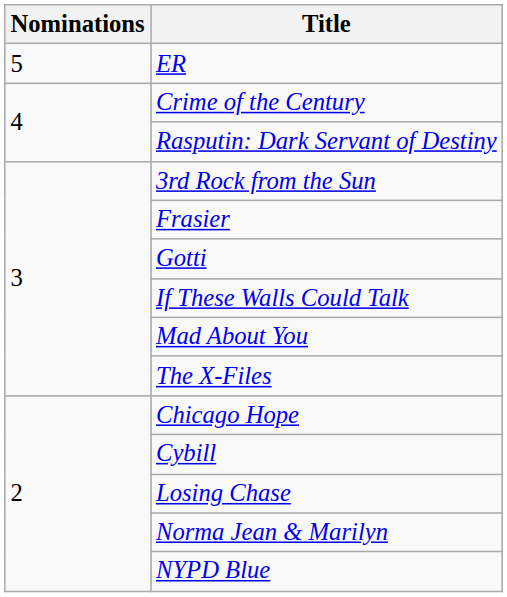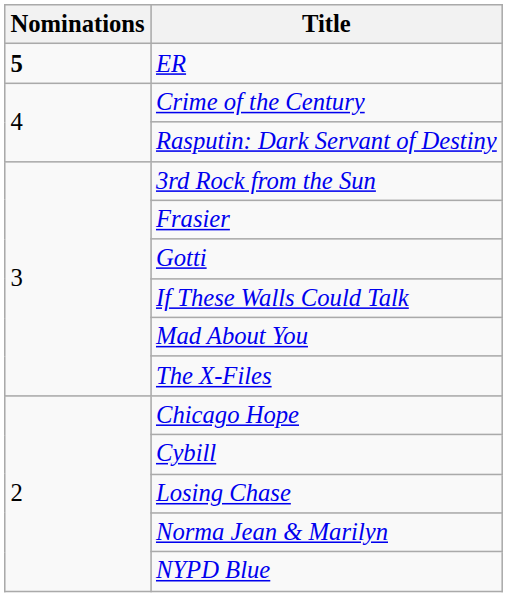 <table class="wikitable">
 <tr>
 <th>Nominations</th>
 <th>Title</th>
 </tr>
 <tr>
-<td>5</td>
+<td><strong>5</strong></td>
 <td><em><a href='#'>ER</a></em></td>
 </tr>
 <tr>
 <td rowspan="2">4</td>
 <td><em><a href='#'>Crime of the Century</a></em></td>
 </tr>
 <tr>
 <td><em><a href='#'>Rasputin: Dark Servant of Destiny</a></em></td>
 </tr>
 <tr>
 <td rowspan="6">3</td>
 <td><em><a href='#'>3rd Rock from the Sun</a></em></td>
 </tr>
 <tr>
 <td><em><a href='#'>Frasier</a></em></td>
 </tr>
 <tr>
 <td><em><a href='#'>Gotti</a></em></td>
 </tr>
 <tr>
 <td><em><a href='#'>If These Walls Could Talk</a></em></td>
 </tr>
 <tr>
 <td><em><a href='#'>Mad About You</a></em></td>
 </tr>
 <tr>
 <td><em><a href='#'>The X-Files</a></em></td>
 </tr>
 <tr>
 <td rowspan="5">2</td>
 <td><em><a href='#'>Chicago Hope</a></em></td>
 </tr>
 <tr>
 <td><em><a href='#'>Cybill</a></em></td>
 </tr>
 <tr>
 <td><em><a href='#'>Losing Chase</a></em></td>
 </tr>
 <tr>
 <td><em><a href='#'>Norma Jean & Marilyn</a></em></td>
 </tr>
 <tr>
 <td><em><a href='#'>NYPD Blue</a></em></td>
 </tr>
 </table>
